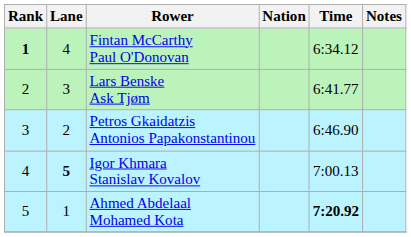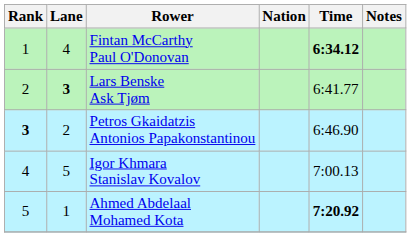 <table class="wikitable sortable" style="text-align:center">
 <tr>
 <th>Rank</th>
 <th>Lane</th>
 <th>Rower</th>
 <th>Nation</th>
 <th>Time</th>
 <th>Notes</th>
 </tr>
 <tr bgcolor=bbf3bb>
-<td><strong>1</strong></td>
+<td>1</td>
 <td>4</td>
 <td align=left><a href='#'>Fintan McCarthy</a><br><a href='#'>Paul O'Donovan</a></td>
 <td align=left></td>
-<td>6:34.12</td>
+<td><strong>6:34.12</strong></td>
 <td></td>
 </tr>
 <tr bgcolor=bbf3bb>
 <td>2</td>
-<td>3</td>
+<td><strong>3</strong></td>
 <td align=left><a href='#'>Lars Benske</a><br><a href='#'>Ask Tjøm</a></td>
 <td align=left></td>
 <td>6:41.77</td>
 <td></td>
 </tr>
 <tr bgcolor=bbf3ff>
-<td>3</td>
+<td><strong>3</strong></td>
 <td>2</td>
 <td align=left><a href='#'>Petros Gkaidatzis</a><br><a href='#'>Antonios Papakonstantinou</a></td>
 <td align=left></td>
 <td>6:46.90</td>
 <td></td>
 </tr>
 <tr bgcolor=bbf3ff>
 <td>4</td>
-<td><strong>5</strong></td>
+<td>5</td>
 <td align=left><a href='#'>Igor Khmara</a><br><a href='#'>Stanislav Kovalov</a></td>
 <td align=left></td>
 <td>7:00.13</td>
 <td></td>
 </tr>
 <tr bgcolor=bbf3ff>
 <td>5</td>
 <td>1</td>
 <td align=left><a href='#'>Ahmed Abdelaal</a><br><a href='#'>Mohamed Kota</a></td>
 <td align=left></td>
 <td><strong>7:20.92</strong></td>
 <td></td>
 </tr>
 <tr bgcolor=bbf3ff>
 </tr>
 </table>
